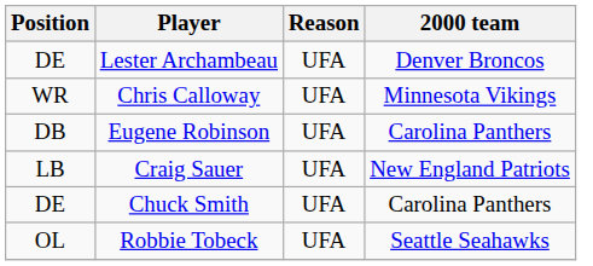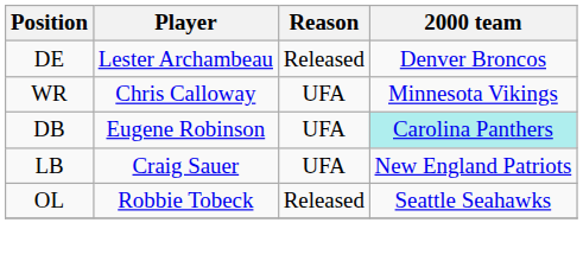 <table class="wikitable" style="text-align:center">
 <tr>
 <th>Position</th>
 <th>Player</th>
 <th>Reason</th>
 <th>2000 team</th>
 </tr>
 <tr>
 <td>DE</td>
 <td><a href='#'>Lester Archambeau</a></td>
-<td>UFA</td>
+<td>Released</td>
 <td><a href='#'>Denver Broncos</a></td>
 </tr>
 <tr>
 <td>WR</td>
 <td><a href='#'>Chris Calloway</a></td>
 <td>UFA</td>
 <td><a href='#'>Minnesota Vikings</a></td>
 </tr>
 <tr>
 <td>DB</td>
 <td><a href='#'>Eugene Robinson</a></td>
 <td>UFA</td>
-<td><a href='#'>Carolina Panthers</a></td>
+<td style="background: paleturquoise;"><a href='#'>Carolina Panthers</a></td>
 </tr>
 <tr>
 <td>LB</td>
 <td><a href='#'>Craig Sauer</a></td>
 <td>UFA</td>
 <td><a href='#'>New England Patriots</a></td>
 </tr>
 <tr>
-<td>DE</td>
-<td><a href='#'>Chuck Smith</a></td>
-<td>UFA</td>
-<td>Carolina Panthers</td>
-</tr>
-<tr>
 <td>OL</td>
 <td><a href='#'>Robbie Tobeck</a></td>
-<td>UFA</td>
+<td>Released</td>
 <td><a href='#'>Seattle Seahawks</a></td>
 </tr>
 <tr>
 </tr>
 </table>
